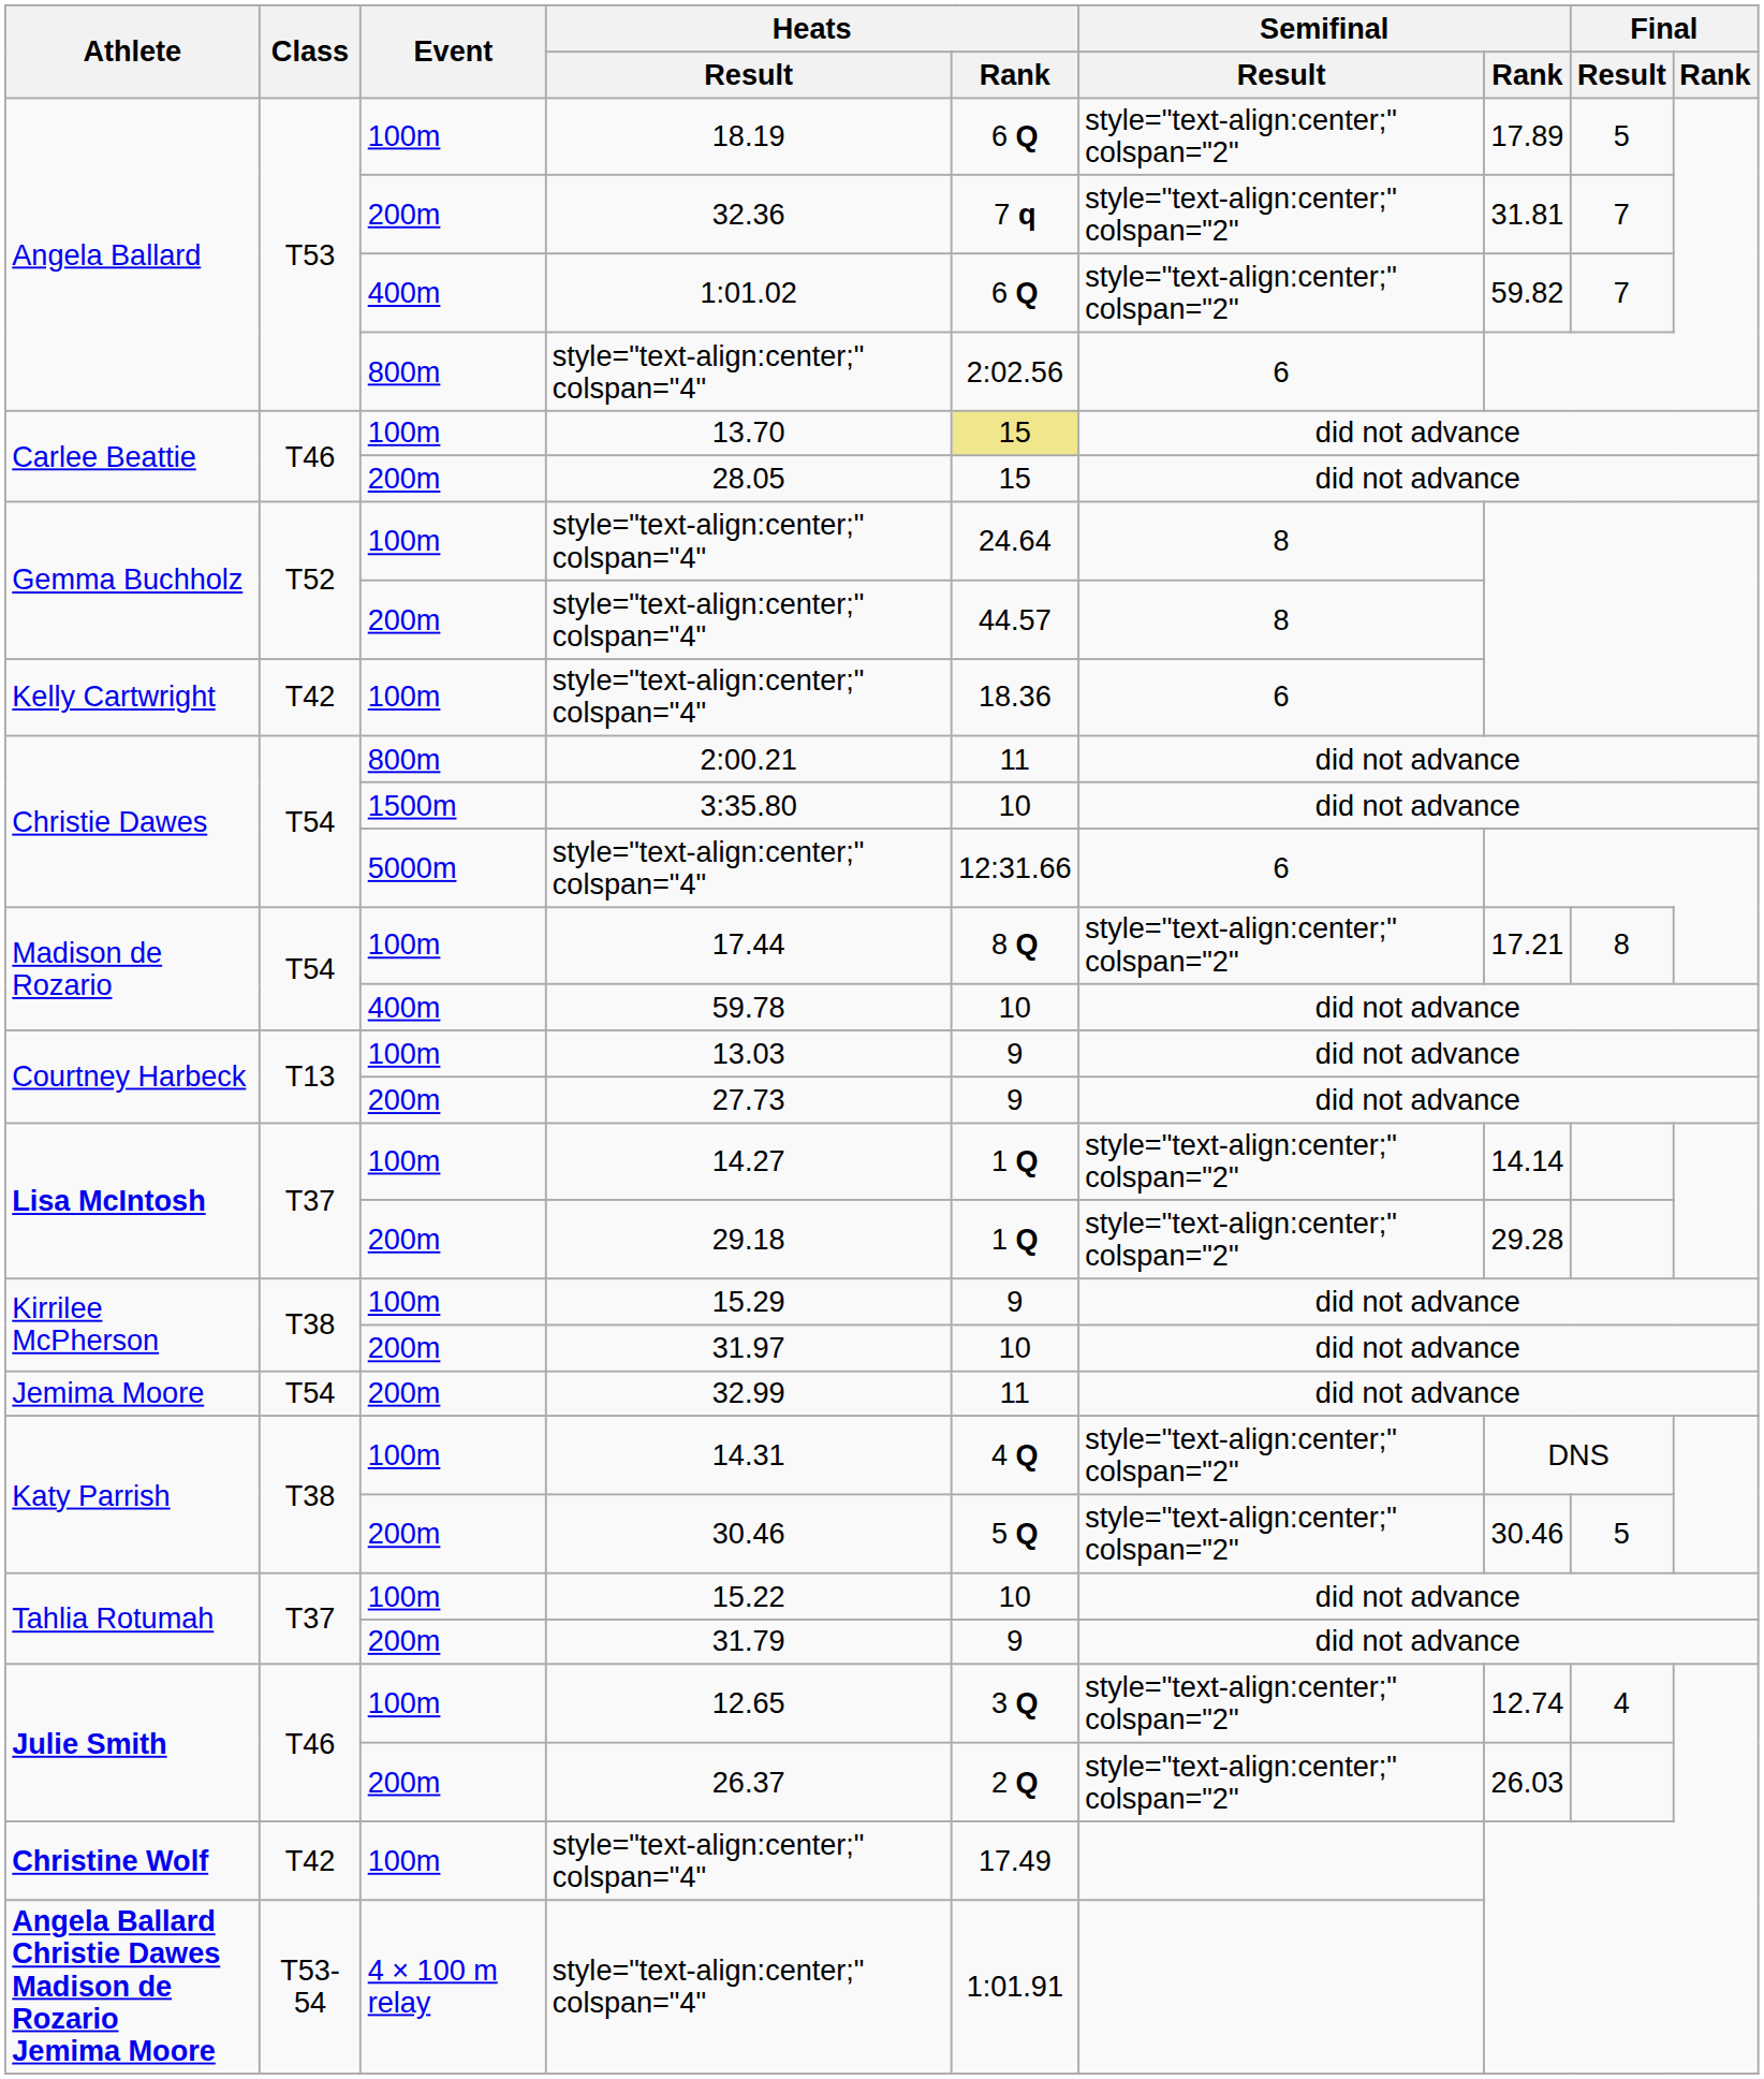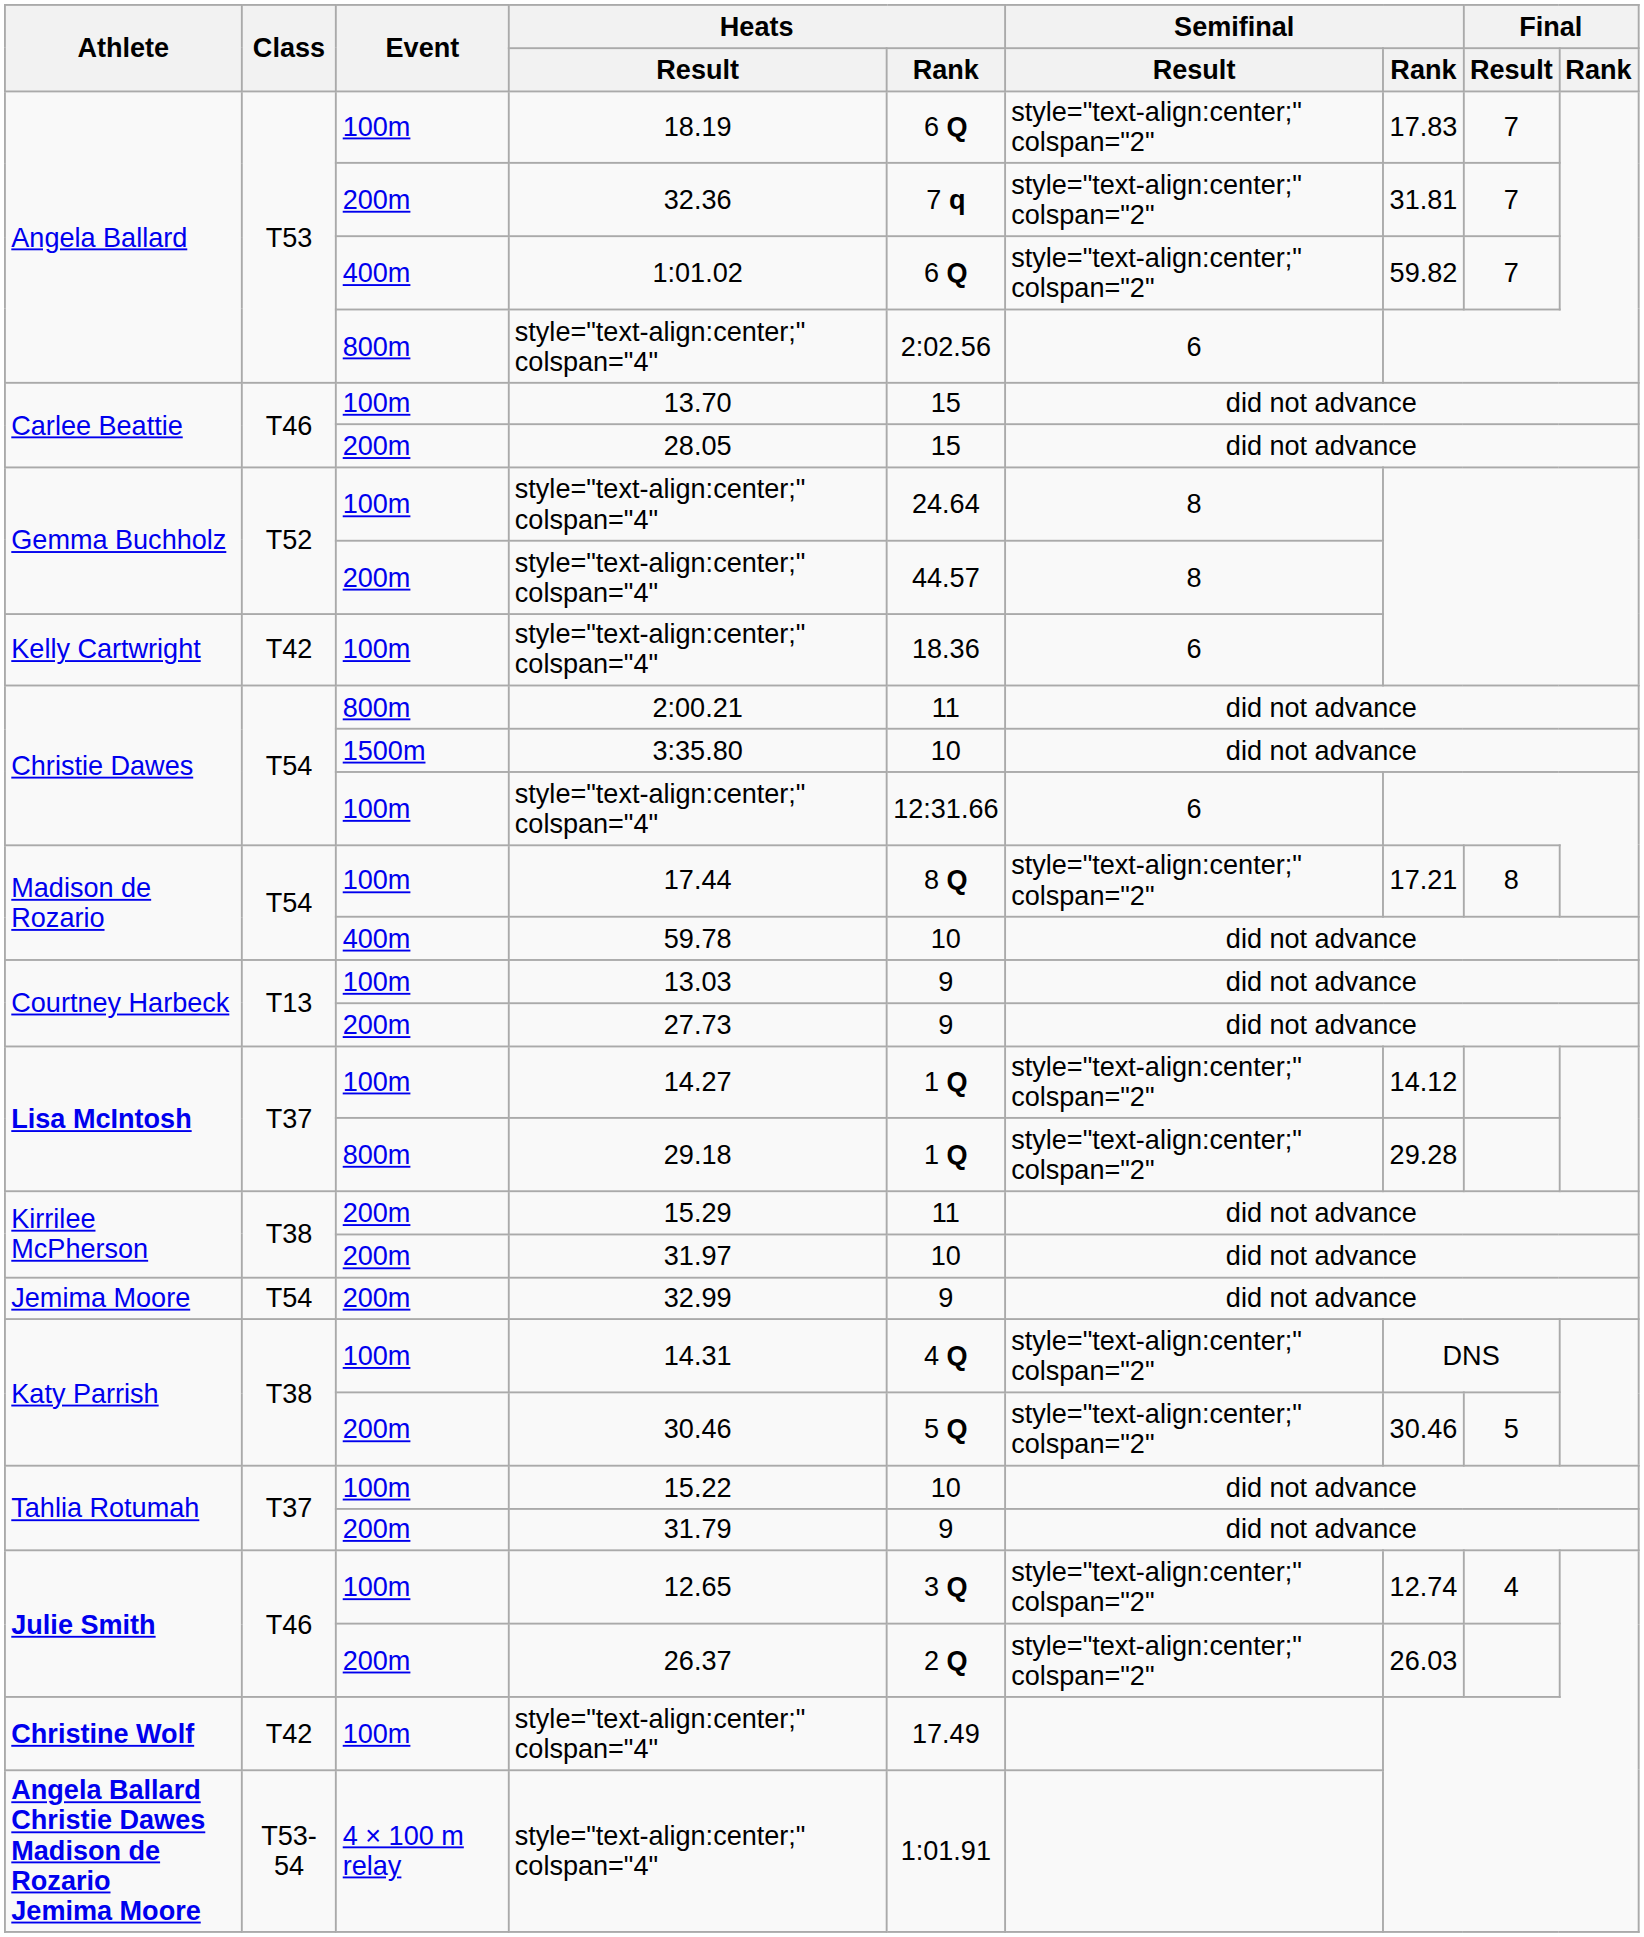 <table class=wikitable style="font-size:90%">
 <tr>
 <th rowspan="2">Athlete</th>
 <th rowspan="2">Class</th>
 <th rowspan="2">Event</th>
 <th colspan="2">Heats</th>
 <th colspan="2">Semifinal</th>
 <th colspan="2">Final</th>
 </tr>
 <tr>
 <th>Result</th>
 <th>Rank</th>
 <th>Result</th>
 <th>Rank</th>
 <th>Result</th>
 <th>Rank</th>
 </tr>
 <tr>
 <td rowspan="4"><a href='#'>Angela Ballard</a></td>
 <td rowspan="4" style="text-align:center;">T53</td>
 <td><a href='#'>100m</a></td>
 <td style="text-align:center;">18.19</td>
 <td style="text-align:center;">6 <strong>Q</strong></td>
 <td>style="text-align:center;" colspan="2" </td>
-<td style="text-align:center;">17.89</td>
-<td style="text-align:center;">5</td>
+<td style="text-align:center;">17.83</td>
+<td style="text-align:center;">7</td>
 </tr>
 <tr>
 <td><a href='#'>200m</a></td>
 <td style="text-align:center;">32.36</td>
 <td style="text-align:center;">7 <strong>q</strong></td>
 <td>style="text-align:center;" colspan="2" </td>
 <td style="text-align:center;">31.81</td>
 <td style="text-align:center;">7</td>
 </tr>
 <tr>
 <td><a href='#'>400m</a></td>
 <td style="text-align:center;">1:01.02</td>
 <td style="text-align:center;">6 <strong>Q</strong></td>
 <td>style="text-align:center;" colspan="2" </td>
 <td style="text-align:center;">59.82</td>
 <td style="text-align:center;">7</td>
 </tr>
 <tr>
 <td><a href='#'>800m</a></td>
 <td>style="text-align:center;" colspan="4" </td>
 <td style="text-align:center;">2:02.56</td>
 <td style="text-align:center;">6</td>
 </tr>
 <tr>
 <td rowspan="2"><a href='#'>Carlee Beattie</a></td>
 <td rowspan="2" style="text-align:center;">T46</td>
 <td><a href='#'>100m</a></td>
 <td style="text-align:center;">13.70</td>
-<td style="background: khaki; text-align:center;">15</td>
+<td style="text-align:center;">15</td>
 <td style="text-align:center;" colspan="4">did not advance</td>
 </tr>
 <tr>
 <td><a href='#'>200m</a></td>
 <td style="text-align:center;">28.05</td>
 <td style="text-align:center;">15</td>
 <td style="text-align:center;" colspan="4">did not advance</td>
 </tr>
 <tr>
 <td rowspan="2"><a href='#'>Gemma Buchholz</a></td>
 <td rowspan="2" style="text-align:center;">T52</td>
 <td><a href='#'>100m</a></td>
 <td>style="text-align:center;" colspan="4" </td>
 <td style="text-align:center;">24.64</td>
 <td style="text-align:center;">8</td>
 </tr>
 <tr>
 <td><a href='#'>200m</a></td>
 <td>style="text-align:center;" colspan="4" </td>
 <td style="text-align:center;">44.57</td>
 <td style="text-align:center;">8</td>
 </tr>
 <tr>
 <td><a href='#'>Kelly Cartwright</a></td>
 <td style="text-align:center;">T42</td>
 <td><a href='#'>100m</a></td>
 <td>style="text-align:center;" colspan="4" </td>
 <td style="text-align:center;">18.36</td>
 <td style="text-align:center;">6</td>
 </tr>
 <tr>
 <td rowspan="3"><a href='#'>Christie Dawes</a></td>
 <td rowspan="3" style="text-align:center;">T54</td>
 <td><a href='#'>800m</a></td>
 <td style="text-align:center;">2:00.21</td>
 <td style="text-align:center;">11</td>
 <td style="text-align:center;" colspan="4">did not advance</td>
 </tr>
 <tr>
 <td><a href='#'>1500m</a></td>
 <td style="text-align:center;">3:35.80</td>
 <td style="text-align:center;">10</td>
 <td style="text-align:center;" colspan="4">did not advance</td>
 </tr>
 <tr>
-<td><a href='#'>5000m</a></td>
+<td><a href='#'>100m</a></td>
 <td>style="text-align:center;" colspan="4" </td>
 <td style="text-align:center;">12:31.66</td>
 <td style="text-align:center;">6</td>
 </tr>
 <tr>
 <td rowspan="2"><a href='#'>Madison de Rozario</a></td>
 <td rowspan="2" style="text-align:center;">T54</td>
 <td><a href='#'>100m</a></td>
 <td style="text-align:center;">17.44</td>
 <td style="text-align:center;">8 <strong>Q</strong></td>
 <td>style="text-align:center;" colspan="2" </td>
 <td style="text-align:center;">17.21</td>
 <td style="text-align:center;">8</td>
 </tr>
 <tr>
 <td><a href='#'>400m</a></td>
 <td style="text-align:center;">59.78</td>
 <td style="text-align:center;">10</td>
 <td style="text-align:center;" colspan="4">did not advance</td>
 </tr>
 <tr>
 <td rowspan="2"><a href='#'>Courtney Harbeck</a></td>
 <td rowspan="2" style="text-align:center;">T13</td>
 <td><a href='#'>100m</a></td>
 <td style="text-align:center;">13.03</td>
 <td style="text-align:center;">9</td>
 <td style="text-align:center;" colspan="4">did not advance</td>
 </tr>
 <tr>
 <td><a href='#'>200m</a></td>
 <td style="text-align:center;">27.73</td>
 <td style="text-align:center;">9</td>
 <td style="text-align:center;" colspan="4">did not advance</td>
 </tr>
 <tr>
 <td rowspan="2"><strong><a href='#'>Lisa McIntosh</a></strong></td>
 <td rowspan="2" style="text-align:center;">T37</td>
 <td><a href='#'>100m</a></td>
 <td style="text-align:center;">14.27</td>
 <td style="text-align:center;">1 <strong>Q</strong></td>
 <td>style="text-align:center;" colspan="2" </td>
-<td style="text-align:center;">14.14</td>
+<td style="text-align:center;">14.12</td>
 <td style="text-align:center;"></td>
 </tr>
 <tr>
-<td><a href='#'>200m</a></td>
+<td><a href='#'>800m</a></td>
 <td style="text-align:center;">29.18</td>
 <td style="text-align:center;">1 <strong>Q</strong></td>
 <td>style="text-align:center;" colspan="2" </td>
 <td style="text-align:center;">29.28</td>
 <td style="text-align:center;"></td>
 </tr>
 <tr>
 <td rowspan="2"><a href='#'>Kirrilee McPherson</a></td>
 <td rowspan="2" style="text-align:center;">T38</td>
-<td><a href='#'>100m</a></td>
+<td><a href='#'>200m</a></td>
 <td style="text-align:center;">15.29</td>
-<td style="text-align:center;">9</td>
+<td style="text-align:center;">11</td>
 <td style="text-align:center;" colspan="4">did not advance</td>
 </tr>
 <tr>
 <td><a href='#'>200m</a></td>
 <td style="text-align:center;">31.97</td>
 <td style="text-align:center;">10</td>
 <td style="text-align:center;" colspan="4">did not advance</td>
 </tr>
 <tr>
 <td><a href='#'>Jemima Moore</a></td>
 <td style="text-align:center;">T54</td>
 <td><a href='#'>200m</a></td>
 <td style="text-align:center;">32.99</td>
-<td style="text-align:center;">11</td>
+<td style="text-align:center;">9</td>
 <td style="text-align:center;" colspan="4">did not advance</td>
 </tr>
 <tr>
 <td rowspan="2"><a href='#'>Katy Parrish</a></td>
 <td rowspan="2" style="text-align:center;">T38</td>
 <td><a href='#'>100m</a></td>
 <td style="text-align:center;">14.31</td>
 <td style="text-align:center;">4 <strong>Q</strong></td>
 <td>style="text-align:center;" colspan="2" </td>
 <td style="text-align:center;" colspan="2">DNS</td>
 </tr>
 <tr>
 <td><a href='#'>200m</a></td>
 <td style="text-align:center;">30.46</td>
 <td style="text-align:center;">5 <strong>Q</strong></td>
 <td>style="text-align:center;" colspan="2" </td>
 <td style="text-align:center;">30.46</td>
 <td style="text-align:center;">5</td>
 </tr>
 <tr>
 <td rowspan="2"><a href='#'>Tahlia Rotumah</a></td>
 <td rowspan="2" style="text-align:center;">T37</td>
 <td><a href='#'>100m</a></td>
 <td style="text-align:center;">15.22</td>
 <td style="text-align:center;">10</td>
 <td style="text-align:center;" colspan="4">did not advance</td>
 </tr>
 <tr>
 <td><a href='#'>200m</a></td>
 <td style="text-align:center;">31.79</td>
 <td style="text-align:center;">9</td>
 <td style="text-align:center;" colspan="4">did not advance</td>
 </tr>
 <tr>
 <td rowspan="2"><strong><a href='#'>Julie Smith</a></strong></td>
 <td rowspan="2" style="text-align:center;">T46</td>
 <td><a href='#'>100m</a></td>
 <td style="text-align:center;">12.65</td>
 <td style="text-align:center;">3 <strong>Q</strong></td>
 <td>style="text-align:center;" colspan="2" </td>
 <td style="text-align:center;">12.74</td>
 <td style="text-align:center;">4</td>
 </tr>
 <tr>
 <td><a href='#'>200m</a></td>
 <td style="text-align:center;">26.37</td>
 <td style="text-align:center;">2 <strong>Q</strong></td>
 <td>style="text-align:center;" colspan="2" </td>
 <td style="text-align:center;">26.03</td>
 <td style="text-align:center;"></td>
 </tr>
 <tr>
 <td><strong><a href='#'>Christine Wolf</a></strong></td>
 <td style="text-align:center;">T42</td>
 <td><a href='#'>100m</a></td>
 <td>style="text-align:center;" colspan="4" </td>
 <td style="text-align:center;">17.49</td>
 <td style="text-align:center;"></td>
 </tr>
 <tr>
 <td><strong><a href='#'>Angela Ballard</a></strong><br> <strong><a href='#'>Christie Dawes</a></strong><br> <strong><a href='#'>Madison de Rozario</a></strong><br> <strong><a href='#'>Jemima Moore</a></strong></td>
 <td style="text-align:center;">T53-54</td>
 <td><a href='#'>4 × 100 m relay</a></td>
 <td>style="text-align:center;" colspan="4" </td>
 <td style="text-align:center;">1:01.91</td>
 <td style="text-align:center;"></td>
 </tr>
 </table>
